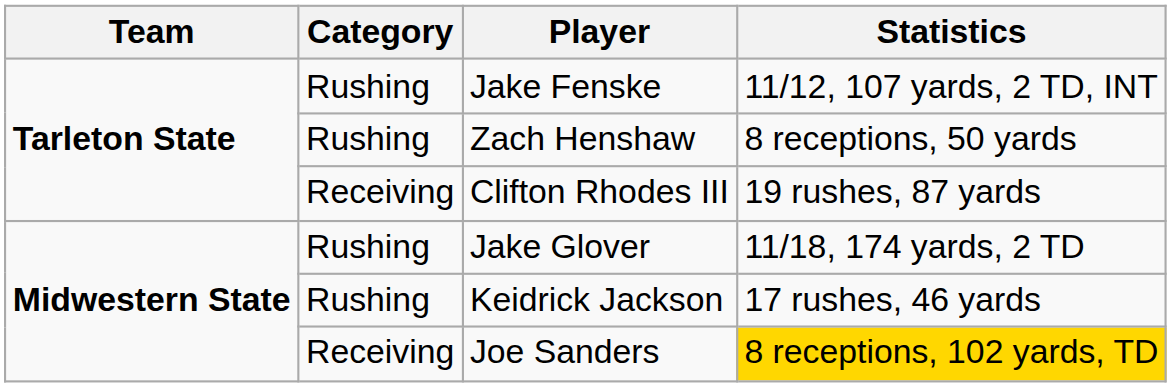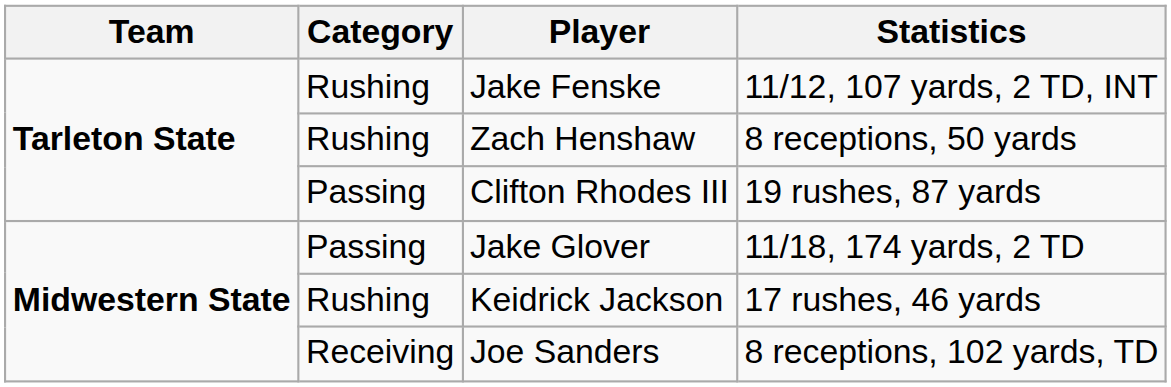 <table class="wikitable" style="float: left;">
 <tr>
 <th>Team</th>
 <th>Category</th>
 <th>Player</th>
 <th>Statistics</th>
 </tr>
 <tr>
 <td rowspan=3><strong>Tarleton State</strong></td>
 <td>Rushing</td>
 <td>Jake Fenske</td>
 <td>11/12, 107 yards, 2 TD, INT</td>
 </tr>
 <tr>
 <td>Rushing</td>
 <td>Zach Henshaw</td>
 <td>8 receptions, 50 yards</td>
 </tr>
 <tr>
-<td>Receiving</td>
+<td>Passing</td>
 <td>Clifton Rhodes III</td>
 <td>19 rushes, 87 yards</td>
 </tr>
 <tr>
 <td rowspan=3><strong>Midwestern State</strong></td>
-<td>Rushing</td>
+<td>Passing</td>
 <td>Jake Glover</td>
 <td>11/18, 174 yards, 2 TD</td>
 </tr>
 <tr>
 <td>Rushing</td>
 <td>Keidrick Jackson</td>
 <td>17 rushes, 46 yards</td>
 </tr>
 <tr>
 <td>Receiving</td>
 <td>Joe Sanders</td>
-<td style="background: gold;">8 receptions, 102 yards, TD</td>
+<td>8 receptions, 102 yards, TD</td>
 </tr>
 </table>
